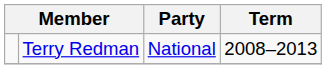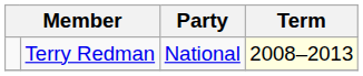 <table class="wikitable">
 <tr>
 <th colspan="2">Member</th>
 <th>Party</th>
 <th>Term</th>
 </tr>
 <tr>
 <td> </td>
 <td><a href='#'>Terry Redman</a></td>
 <td><a href='#'>National</a></td>
-<td>2008–2013</td>
+<td style="background: lightyellow;">2008–2013</td>
 </tr>
 <tr>
 </tr>
 </table>
